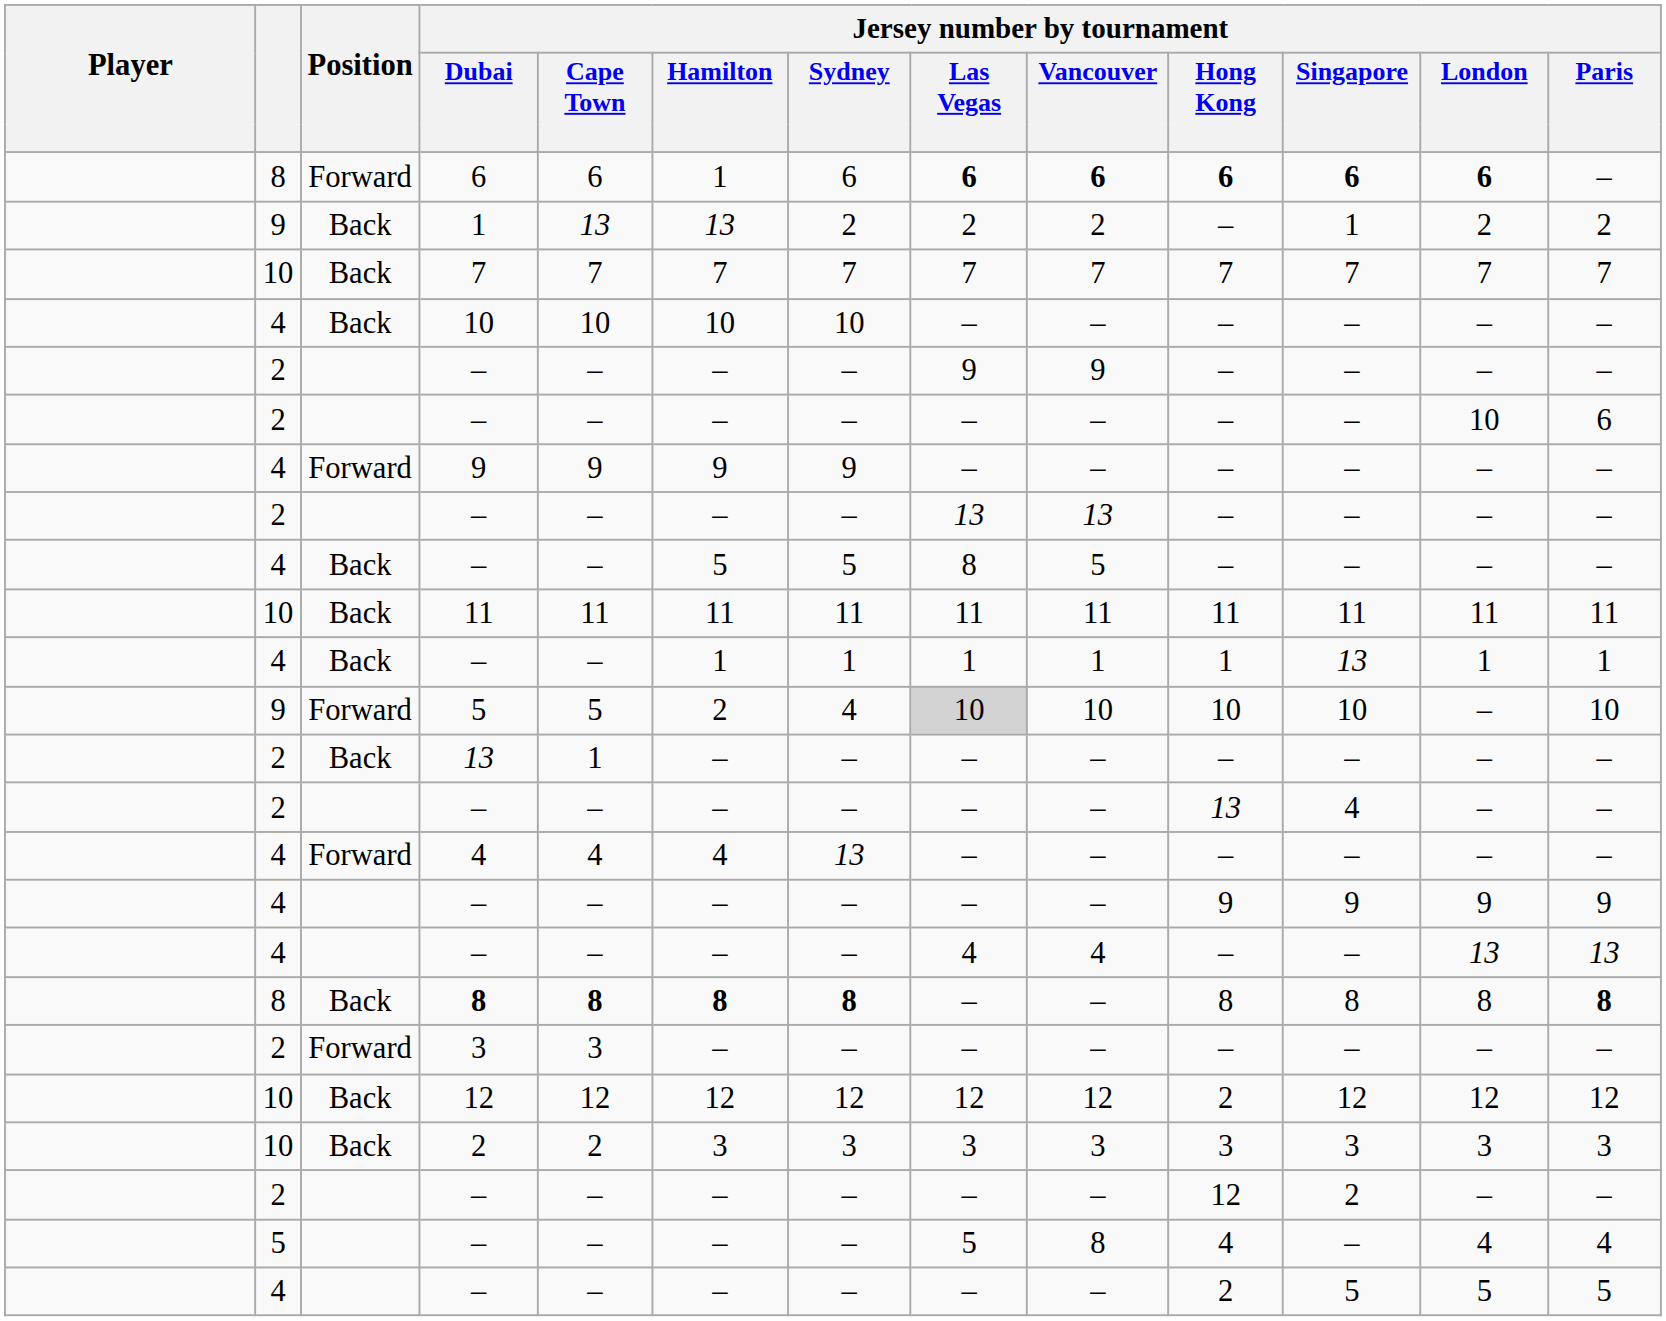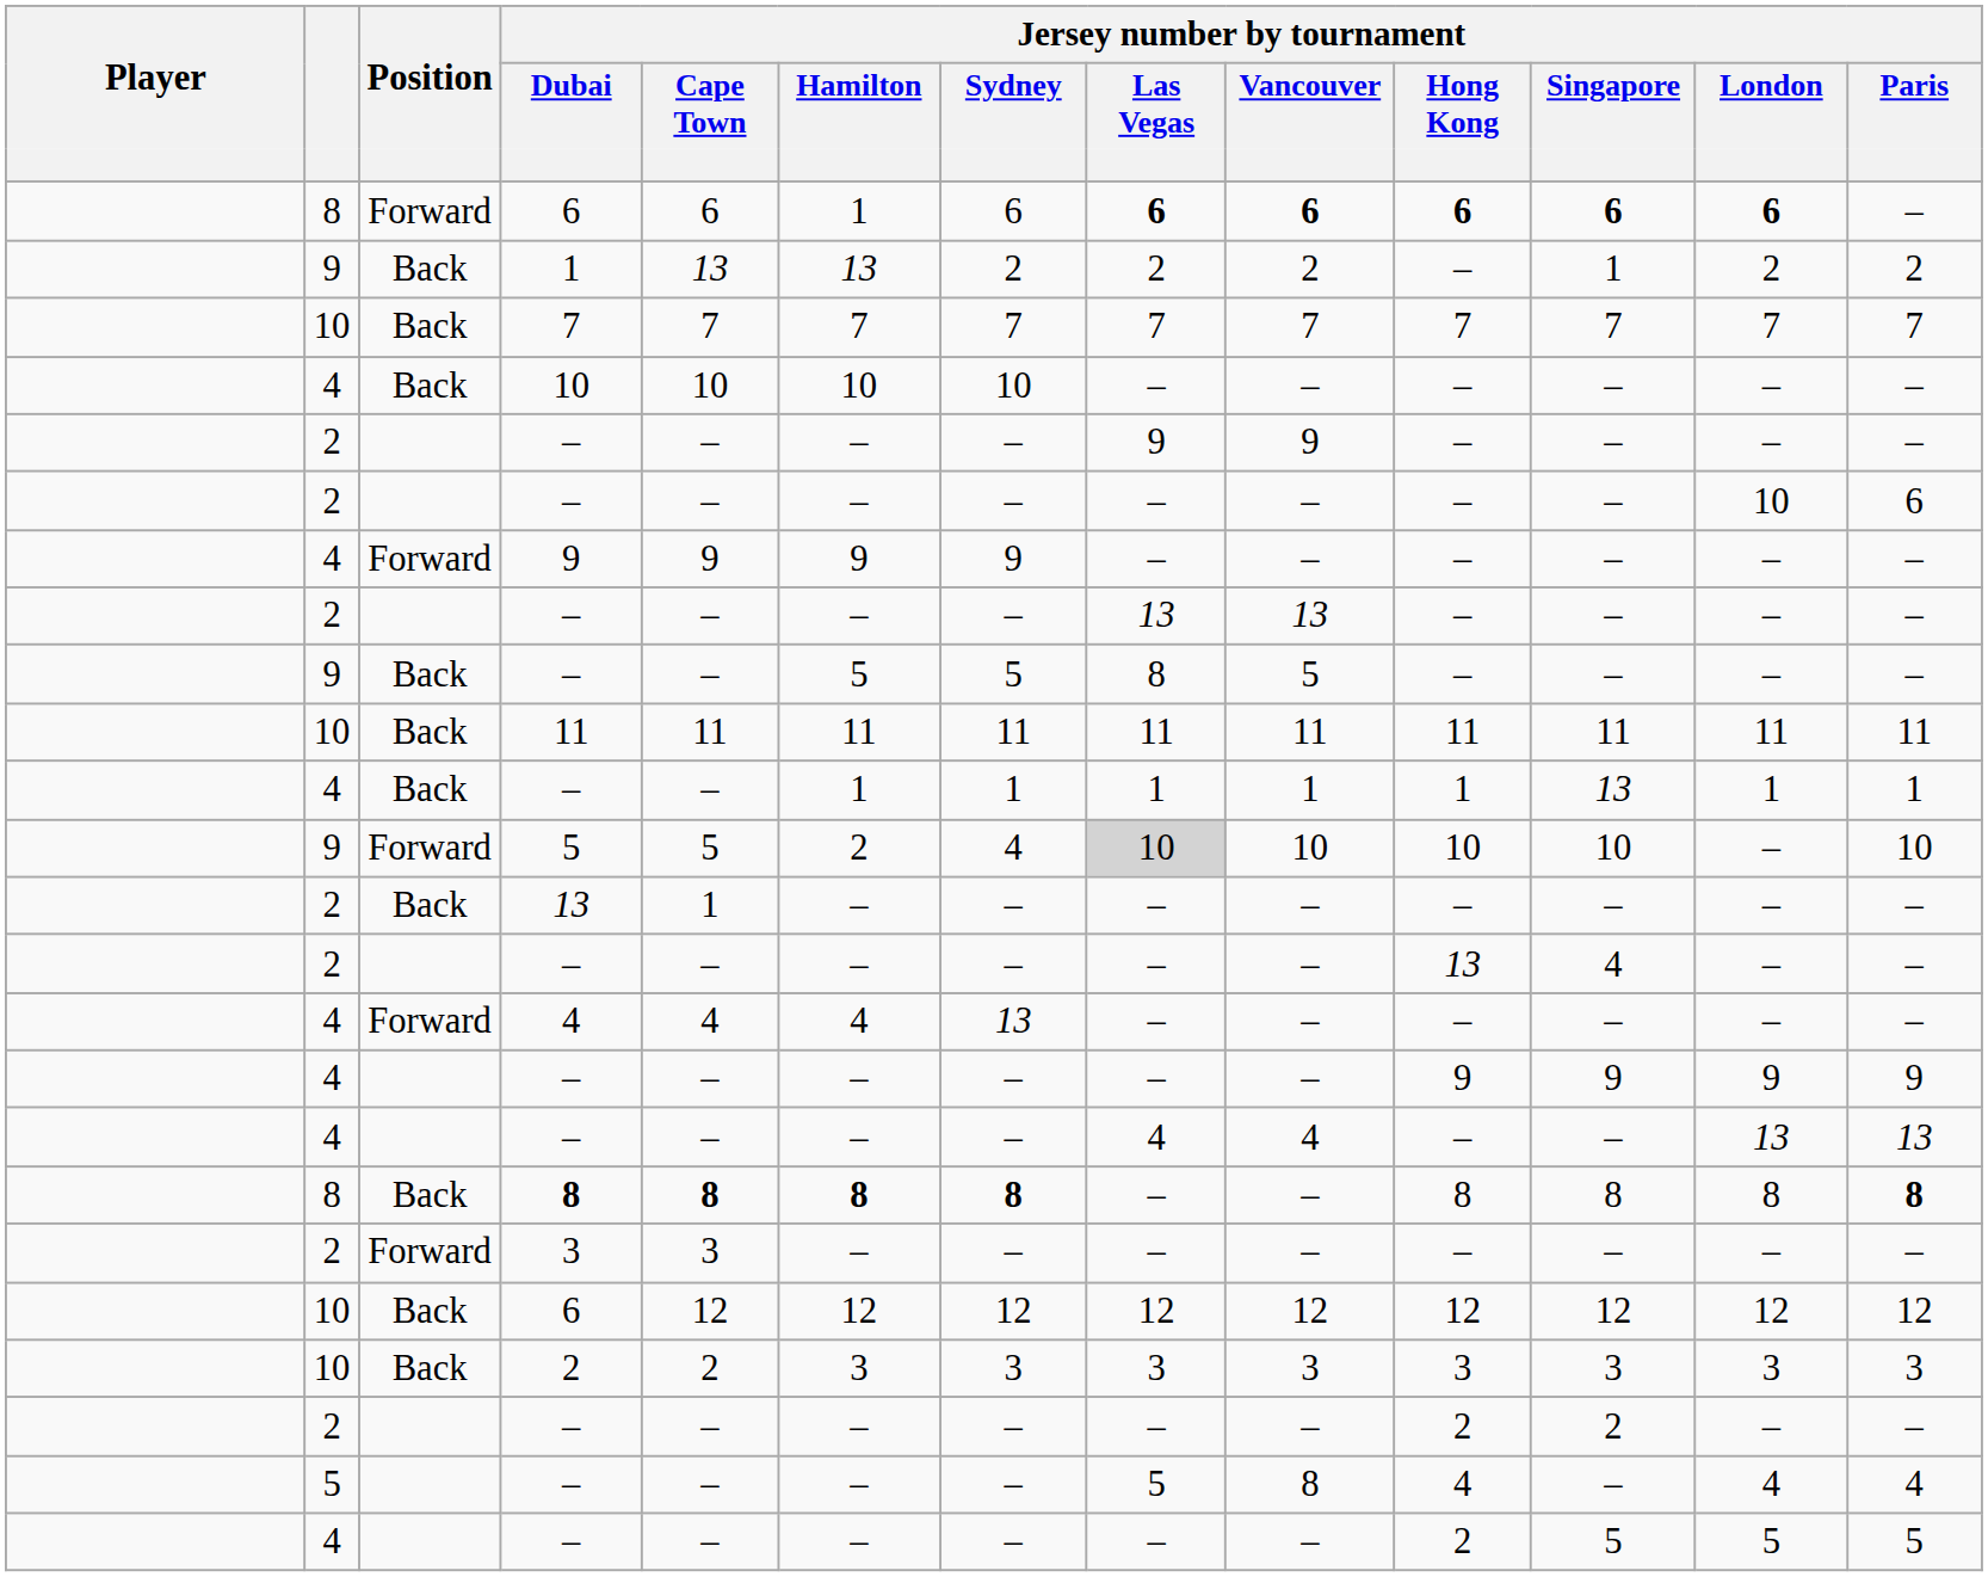 <table class="wikitable sortable" style="text-align:center;">
 <tr>
 <th rowspan=2 style="border-bottom:0px; width:12em;">Player</th>
 <th rowspan=2 style="border-bottom:0px;"></th>
 <th rowspan=2 style="border-bottom:0px;">Position</th>
 <th colspan=10 style="font-size:95%;">Jersey number by tournament</th>
 </tr>
 <tr>
 <th style="vertical-align:top;width:5.5em;border-bottom:1px solid transparent;padding:2px;font-size:85%;"><a href='#'>Dubai</a></th>
 <th style="vertical-align:top;width:5.5em;border-bottom:1px solid transparent;padding:2px;font-size:85%;"><a href='#'>Cape Town</a></th>
 <th style="vertical-align:top;width:5.5em;border-bottom:1px solid transparent;padding:2px;font-size:85%;"><a href='#'>Hamilton</a></th>
 <th style="vertical-align:top;width:5.5em;border-bottom:1px solid transparent;padding:2px;font-size:85%;"><a href='#'>Sydney</a></th>
 <th style="vertical-align:top;width:5.5em;border-bottom:1px solid transparent;padding:2px;font-size:85%;"><a href='#'>Las Vegas</a></th>
 <th style="vertical-align:top;width:5.5em;border-bottom:1px solid transparent;padding:2px;font-size:85%;"><a href='#'>Vancouver</a></th>
 <th style="vertical-align:top;width:5.5em;border-bottom:1px solid transparent;padding:2px;font-size:85%;"><a href='#'>Hong Kong</a></th>
 <th style="vertical-align:top;width:5.5em;border-bottom:1px solid transparent;padding:2px;font-size:85%;"><a href='#'>Singapore</a></th>
 <th style="vertical-align:top;width:5.5em;border-bottom:1px solid transparent;padding:2px;font-size:85%;"><a href='#'>London</a></th>
 <th style="vertical-align:top;width:5.5em;border-bottom:1px solid transparent;padding:2px;font-size:85%;"><a href='#'>Paris</a></th>
 </tr>
 <tr style="line-height:8px;">
 <th style="border-top:1px solid transparent;"></th>
 <th style="border-top:1px solid transparent;"> </th>
 <th style="border-top:1px solid transparent;"> </th>
 <th data-sort-type="number" style="border-top:1px solid transparent;"></th>
 <th data-sort-type="number" style="border-top:1px solid transparent;"></th>
 <th data-sort-type="number" style="border-top:1px solid transparent;"></th>
 <th data-sort-type="number" style="border-top:1px solid transparent;"></th>
 <th data-sort-type="number" style="border-top:1px solid transparent;"></th>
 <th data-sort-type="number" style="border-top:1px solid transparent;"></th>
 <th data-sort-type="number" style="border-top:1px solid transparent;"></th>
 <th data-sort-type="number" style="border-top:1px solid transparent;"></th>
 <th data-sort-type="number" style="border-top:1px solid transparent;"></th>
 <th data-sort-type="number" style="border-top:1px solid transparent;"></th>
 </tr>
 <tr>
 <td align=left></td>
 <td>8</td>
 <td>Forward</td>
 <td>6</td>
 <td>6</td>
 <td>1</td>
 <td>6</td>
 <td><strong>6</strong></td>
 <td><strong>6</strong></td>
 <td><strong>6</strong></td>
 <td><strong>6</strong></td>
 <td><strong>6</strong></td>
 <td>–</td>
 </tr>
 <tr>
 <td align=left></td>
 <td>9</td>
 <td>Back</td>
 <td>1</td>
 <td><em>13</em></td>
 <td><em>13</em></td>
 <td>2</td>
 <td>2</td>
 <td>2</td>
 <td>–</td>
 <td>1</td>
 <td>2</td>
 <td>2</td>
 </tr>
 <tr>
 <td align=left></td>
 <td>10</td>
 <td>Back</td>
 <td>7</td>
 <td>7</td>
 <td>7</td>
 <td>7</td>
 <td>7</td>
 <td>7</td>
 <td>7</td>
 <td>7</td>
 <td>7</td>
 <td>7</td>
 </tr>
 <tr>
 <td align=left></td>
 <td>4</td>
 <td>Back</td>
 <td>10</td>
 <td>10</td>
 <td>10</td>
 <td>10</td>
 <td>–</td>
 <td>–</td>
 <td>–</td>
 <td>–</td>
 <td>–</td>
 <td>–</td>
 </tr>
 <tr>
 <td align=left></td>
 <td>2</td>
 <td></td>
 <td>–</td>
 <td>–</td>
 <td>–</td>
 <td>–</td>
 <td>9</td>
 <td>9</td>
 <td>–</td>
 <td>–</td>
 <td>–</td>
 <td>–</td>
 </tr>
 <tr>
 <td align=left></td>
 <td>2</td>
 <td></td>
 <td>–</td>
 <td>–</td>
 <td>–</td>
 <td>–</td>
 <td>–</td>
 <td>–</td>
 <td>–</td>
 <td>–</td>
 <td>10</td>
 <td>6</td>
 </tr>
 <tr>
 <td align=left></td>
 <td>4</td>
 <td>Forward</td>
 <td>9</td>
 <td>9</td>
 <td>9</td>
 <td>9</td>
 <td>–</td>
 <td>–</td>
 <td>–</td>
 <td>–</td>
 <td>–</td>
 <td>–</td>
 </tr>
 <tr>
 <td align=left></td>
 <td>2</td>
 <td></td>
 <td>–</td>
 <td>–</td>
 <td>–</td>
 <td>–</td>
 <td><em>13</em></td>
 <td><em>13</em></td>
 <td>–</td>
 <td>–</td>
 <td>–</td>
 <td>–</td>
 </tr>
 <tr>
 <td align=left></td>
-<td>4</td>
+<td>9</td>
 <td>Back</td>
 <td>–</td>
 <td>–</td>
 <td>5</td>
 <td>5</td>
 <td>8</td>
 <td>5</td>
 <td>–</td>
 <td>–</td>
 <td>–</td>
 <td>–</td>
 </tr>
 <tr>
 <td align=left></td>
 <td>10</td>
 <td>Back</td>
 <td>11</td>
 <td>11</td>
 <td>11</td>
 <td>11</td>
 <td>11</td>
 <td>11</td>
 <td>11</td>
 <td>11</td>
 <td>11</td>
 <td>11</td>
 </tr>
 <tr>
 <td align=left></td>
 <td>4</td>
 <td>Back</td>
 <td>–</td>
 <td>–</td>
 <td>1</td>
 <td>1</td>
 <td>1</td>
 <td>1</td>
 <td>1</td>
 <td><em>13</em></td>
 <td>1</td>
 <td>1</td>
 </tr>
 <tr>
 <td align=left></td>
 <td>9</td>
 <td>Forward</td>
 <td>5</td>
 <td>5</td>
 <td>2</td>
 <td>4</td>
 <td style="background: lightgrey;">10</td>
 <td>10</td>
 <td>10</td>
 <td>10</td>
 <td>–</td>
 <td>10</td>
 </tr>
 <tr>
 <td align=left></td>
 <td>2</td>
 <td>Back</td>
 <td><em>13</em></td>
 <td>1</td>
 <td>–</td>
 <td>–</td>
 <td>–</td>
 <td>–</td>
 <td>–</td>
 <td>–</td>
 <td>–</td>
 <td>–</td>
 </tr>
 <tr>
 <td align=left></td>
 <td>2</td>
 <td></td>
 <td>–</td>
 <td>–</td>
 <td>–</td>
 <td>–</td>
 <td>–</td>
 <td>–</td>
 <td><em>13</em></td>
 <td>4</td>
 <td>–</td>
 <td>–</td>
 </tr>
 <tr>
 <td align=left></td>
 <td>4</td>
 <td>Forward</td>
 <td>4</td>
 <td>4</td>
 <td>4</td>
 <td><em>13</em></td>
 <td>–</td>
 <td>–</td>
 <td>–</td>
 <td>–</td>
 <td>–</td>
 <td>–</td>
 </tr>
 <tr>
 <td align=left></td>
 <td>4</td>
 <td></td>
 <td>–</td>
 <td>–</td>
 <td>–</td>
 <td>–</td>
 <td>–</td>
 <td>–</td>
 <td>9</td>
 <td>9</td>
 <td>9</td>
 <td>9</td>
 </tr>
 <tr>
 <td align=left></td>
 <td>4</td>
 <td></td>
 <td>–</td>
 <td>–</td>
 <td>–</td>
 <td>–</td>
 <td>4</td>
 <td>4</td>
 <td>–</td>
 <td>–</td>
 <td><em>13</em></td>
 <td><em>13</em></td>
 </tr>
 <tr>
 <td align=left></td>
 <td>8</td>
 <td>Back</td>
 <td><strong>8</strong></td>
 <td><strong>8</strong></td>
 <td><strong>8</strong></td>
 <td><strong>8</strong></td>
 <td>–</td>
 <td>–</td>
 <td>8</td>
 <td>8</td>
 <td>8</td>
 <td><strong>8</strong></td>
 </tr>
 <tr>
 <td align=left></td>
 <td>2</td>
 <td>Forward</td>
 <td>3</td>
 <td>3</td>
 <td>–</td>
 <td>–</td>
 <td>–</td>
 <td>–</td>
 <td>–</td>
 <td>–</td>
 <td>–</td>
 <td>–</td>
 </tr>
 <tr>
 <td align=left></td>
 <td>10</td>
 <td>Back</td>
+<td>6</td>
 <td>12</td>
 <td>12</td>
 <td>12</td>
 <td>12</td>
 <td>12</td>
 <td>12</td>
-<td>2</td>
 <td>12</td>
 <td>12</td>
 <td>12</td>
 </tr>
 <tr>
 <td align=left></td>
 <td>10</td>
 <td>Back</td>
 <td>2</td>
 <td>2</td>
 <td>3</td>
 <td>3</td>
 <td>3</td>
 <td>3</td>
 <td>3</td>
 <td>3</td>
 <td>3</td>
 <td>3</td>
 </tr>
 <tr>
 <td align=left></td>
 <td>2</td>
 <td></td>
 <td>–</td>
 <td>–</td>
 <td>–</td>
 <td>–</td>
 <td>–</td>
 <td>–</td>
-<td>12</td>
+<td>2</td>
 <td>2</td>
 <td>–</td>
 <td>–</td>
 </tr>
 <tr>
 <td align=left></td>
 <td>5</td>
 <td></td>
 <td>–</td>
 <td>–</td>
 <td>–</td>
 <td>–</td>
 <td>5</td>
 <td>8</td>
 <td>4</td>
 <td>–</td>
 <td>4</td>
 <td>4</td>
 </tr>
 <tr>
 <td align=left></td>
 <td>4</td>
 <td></td>
 <td>–</td>
 <td>–</td>
 <td>–</td>
 <td>–</td>
 <td>–</td>
 <td>–</td>
 <td>2</td>
 <td>5</td>
 <td>5</td>
 <td>5</td>
 </tr>
 </table>
